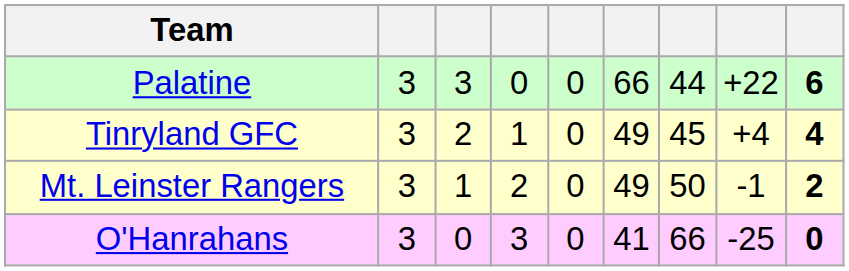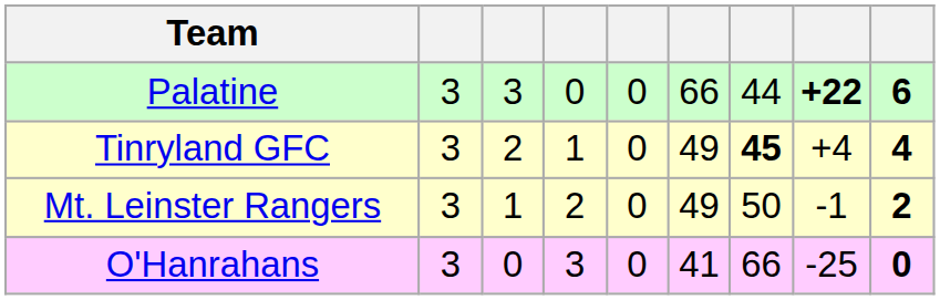 <table class="wikitable" style="text-align:center">
 <tr>
 <th style="width:175px;">Team</th>
 <th width="20"></th>
 <th width="20"></th>
 <th width="20"></th>
 <th width="20"></th>
 <th width="20"></th>
 <th width="20"></th>
 <th width="20"></th>
 <th width="20"></th>
 </tr>
 <tr style="background:#cfc;">
 <td><a href='#'>Palatine</a></td>
 <td>3</td>
 <td>3</td>
 <td>0</td>
 <td>0</td>
 <td>66</td>
 <td>44</td>
-<td>+22</td>
+<td><strong>+22</strong></td>
 <td><strong>6</strong></td>
 </tr>
 <tr style="background:#ffc;">
 <td><a href='#'>Tinryland GFC</a></td>
 <td>3</td>
 <td>2</td>
 <td>1</td>
 <td>0</td>
 <td>49</td>
-<td>45</td>
+<td><strong>45</strong></td>
 <td>+4</td>
 <td><strong>4</strong></td>
 </tr>
 <tr style="background:#ffc;">
 <td><a href='#'>Mt. Leinster Rangers</a></td>
 <td>3</td>
 <td>1</td>
 <td>2</td>
 <td>0</td>
 <td>49</td>
 <td>50</td>
 <td>-1</td>
 <td><strong>2</strong></td>
 </tr>
 <tr style="background:#fcf;">
 <td><a href='#'>O'Hanrahans</a></td>
 <td>3</td>
 <td>0</td>
 <td>3</td>
 <td>0</td>
 <td>41</td>
 <td>66</td>
 <td>-25</td>
 <td><strong>0</strong></td>
 </tr>
 </table>
